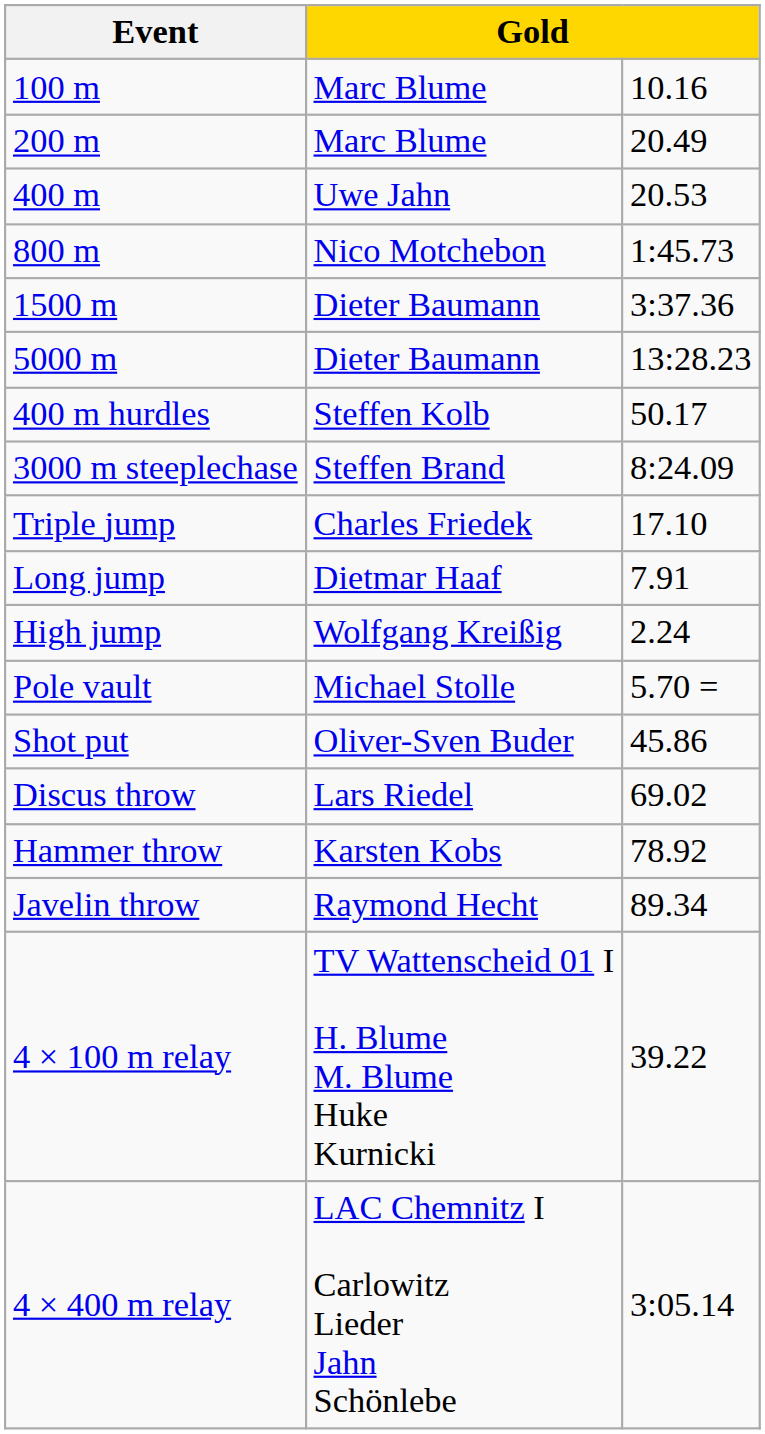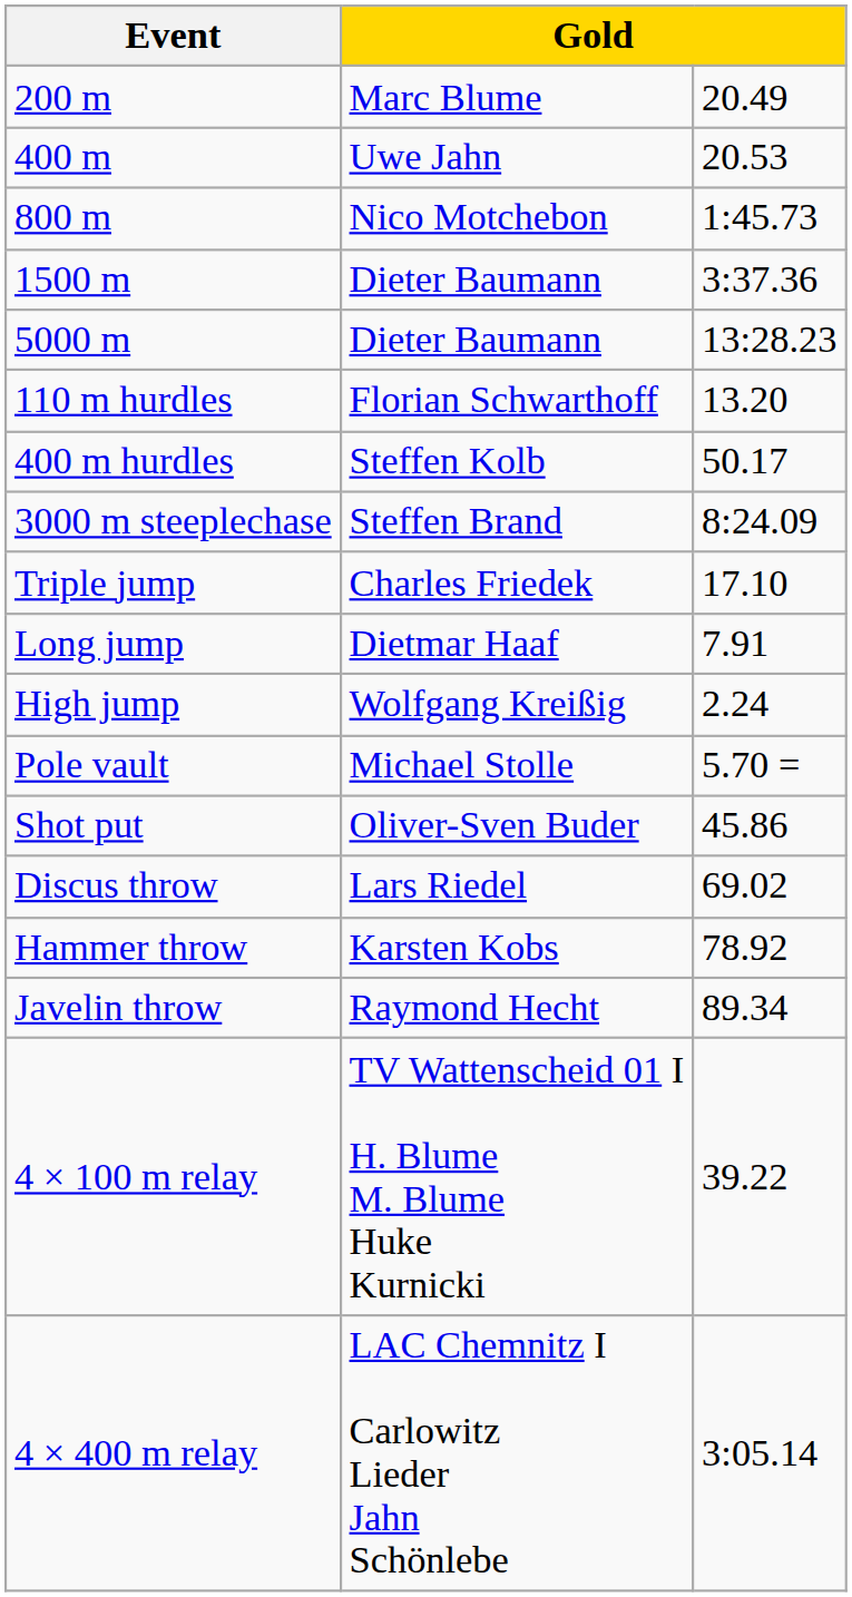 <table class="wikitable">
 <tr>
 <th>Event</th>
 <th style="background:gold;" colspan=2>Gold</th>
-</tr>
-<tr>
-<td><a href='#'>100 m</a></td>
-<td><a href='#'>Marc Blume</a></td>
-<td>10.16</td>
 </tr>
 <tr>
 <td><a href='#'>200 m</a></td>
 <td><a href='#'>Marc Blume</a></td>
 <td>20.49 </td>
 </tr>
 <tr>
 <td><a href='#'>400 m</a></td>
 <td><a href='#'>Uwe Jahn</a></td>
 <td>20.53</td>
 </tr>
 <tr>
 <td><a href='#'>800 m</a></td>
 <td><a href='#'>Nico Motchebon</a></td>
 <td>1:45.73</td>
 </tr>
 <tr>
 <td><a href='#'>1500 m</a></td>
 <td><a href='#'>Dieter Baumann</a></td>
 <td>3:37.36 </td>
 </tr>
 <tr>
 <td><a href='#'>5000 m</a></td>
 <td><a href='#'>Dieter Baumann</a></td>
 <td>13:28.23</td>
+</tr>
+<tr>
+<td><a href='#'>110 m hurdles</a></td>
+<td><a href='#'>Florian Schwarthoff</a></td>
+<td>13.20</td>
 </tr>
 <tr>
 <td><a href='#'>400 m hurdles</a></td>
 <td><a href='#'>Steffen Kolb</a></td>
 <td>50.17 </td>
 </tr>
 <tr>
 <td><a href='#'>3000 m steeplechase</a></td>
 <td><a href='#'>Steffen Brand</a></td>
 <td>8:24.09</td>
 </tr>
 <tr>
 <td><a href='#'>Triple jump</a></td>
 <td><a href='#'>Charles Friedek</a></td>
 <td>17.10 </td>
 </tr>
 <tr>
 <td><a href='#'>Long jump</a></td>
 <td><a href='#'>Dietmar Haaf</a></td>
 <td>7.91 </td>
 </tr>
 <tr>
 <td><a href='#'>High jump</a></td>
 <td><a href='#'>Wolfgang Kreißig</a></td>
 <td>2.24</td>
 </tr>
 <tr>
 <td><a href='#'>Pole vault</a></td>
 <td><a href='#'>Michael Stolle</a></td>
 <td>5.70 =</td>
 </tr>
 <tr>
 <td><a href='#'>Shot put</a></td>
 <td><a href='#'>Oliver-Sven Buder</a></td>
 <td>45.86 </td>
 </tr>
 <tr>
 <td><a href='#'>Discus throw</a></td>
 <td><a href='#'>Lars Riedel</a></td>
 <td>69.02 </td>
 </tr>
 <tr>
 <td><a href='#'>Hammer throw</a></td>
 <td><a href='#'>Karsten Kobs</a></td>
 <td>78.92 </td>
 </tr>
 <tr>
 <td><a href='#'>Javelin throw</a></td>
 <td><a href='#'>Raymond Hecht</a></td>
 <td>89.34 </td>
 </tr>
 <tr>
 <td><a href='#'>4 × 100 m relay</a></td>
 <td><a href='#'>TV Wattenscheid 01</a> I <br><br><a href='#'>H. Blume</a> <br> <a href='#'>M. Blume</a> <br> Huke <br> Kurnicki</td>
 <td>39.22</td>
 </tr>
 <tr>
 <td><a href='#'>4 × 400 m relay</a></td>
 <td><a href='#'>LAC Chemnitz</a> I <br><br>Carlowitz <br> Lieder <br> <a href='#'>Jahn</a> <br> Schönlebe</td>
 <td>3:05.14</td>
 </tr>
 </table>
